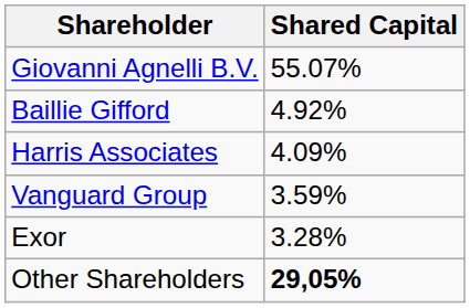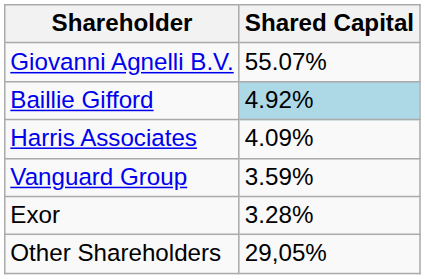 <table class="wikitable sortable">
 <tr>
 <th>Shareholder</th>
 <th>Shared Capital</th>
 </tr>
 <tr>
 <td><a href='#'>Giovanni Agnelli B.V.</a></td>
 <td>55.07%</td>
 </tr>
 <tr>
 <td><a href='#'>Baillie Gifford</a></td>
-<td>4.92%</td>
+<td style="background: lightblue;">4.92%</td>
 </tr>
 <tr>
 <td><a href='#'>Harris Associates</a></td>
 <td>4.09%</td>
 </tr>
 <tr>
 <td><a href='#'>Vanguard Group</a></td>
 <td>3.59%</td>
 </tr>
 <tr>
 <td>Exor</td>
 <td>3.28%</td>
 </tr>
 <tr>
 <td>Other Shareholders</td>
-<td><strong>29,05%</strong></td>
+<td>29,05%</td>
 </tr>
 </table>
